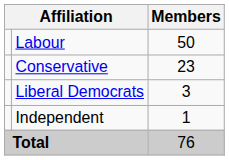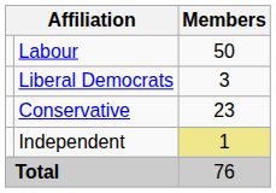 <table class="wikitable">
 <tr>
 <th colspan="2">Affiliation</th>
 <th>Members</th>
 </tr>
 <tr>
 <td style="color:inherit;background:"></td>
 <td><a href='#'>Labour</a></td>
 <td style="text-align:center;">50</td>
 </tr>
 <tr>
 <td style="color:inherit;background:"></td>
+<td><a href='#'>Liberal Democrats</a></td>
+<td style="text-align:center;">3</td>
+</tr>
+<tr>
+<td style="color:inherit;background:"></td>
 <td><a href='#'>Conservative</a></td>
 <td style="text-align:center;">23</td>
 </tr>
 <tr>
 <td style="color:inherit;background:"></td>
-<td><a href='#'>Liberal Democrats</a></td>
-<td style="text-align:center;">3</td>
-</tr>
-<tr>
-<td style="color:inherit;background:"></td>
 <td>Independent</td>
-<td style="text-align:center;">1</td>
+<td style="background: khaki; text-align:center;">1</td>
 </tr>
 <tr style="background:#ccc;">
 <td colspan="2"> <strong>Total</strong></td>
 <td style="text-align:center;">76</td>
 </tr>
 </table>
